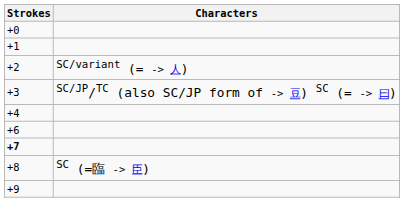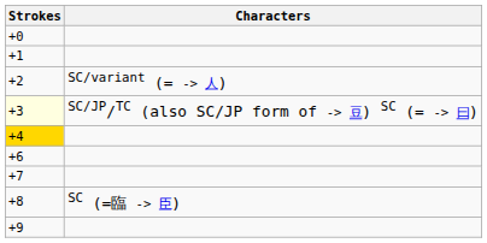 <table class="wikitable">
 <tr>
 <th>Strokes</th>
 <th>Characters</th>
 </tr>
 <tr --->
 <td>+0</td>
 <td style="font-size: large;"></td>
 </tr>
 <tr --->
 <td>+1</td>
 <td style="font-size: large;"></td>
 </tr>
 <tr --->
 <td>+2</td>
 <td style="font-size: large;"><sup>SC/variant</sup> (= <small>-> <a href='#'>人</a></small>) </td>
 </tr>
 <tr --->
-<td>+3</td>
+<td style="background: lightyellow;">+3</td>
 <td style="font-size: large;">   <sup>SC/JP</sup>/<sup>TC</sup> (also SC/JP form of  <small>-> <a href='#'>豆</a></small>)  <sup>SC</sup> (= <small>-> <a href='#'>曰</a></small>)</td>
 </tr>
 <tr --->
-<td>+4</td>
+<td style="background: gold;">+4</td>
 <td style="font-size: large;"></td>
 </tr>
 <tr --->
 <td>+6</td>
 <td style="font-size: large;"></td>
 </tr>
 <tr --->
-<td><strong>+7</strong></td>
+<td>+7</td>
 <td style="font-size: large;"></td>
 </tr>
 <tr --->
 <td>+8</td>
 <td style="font-size: large;"><sup>SC</sup> (=臨 <small>-> <a href='#'>臣</a></small>)</td>
 </tr>
 <tr --->
 <td>+9</td>
 <td style="font-size: large;"></td>
 </tr>
 </table>
